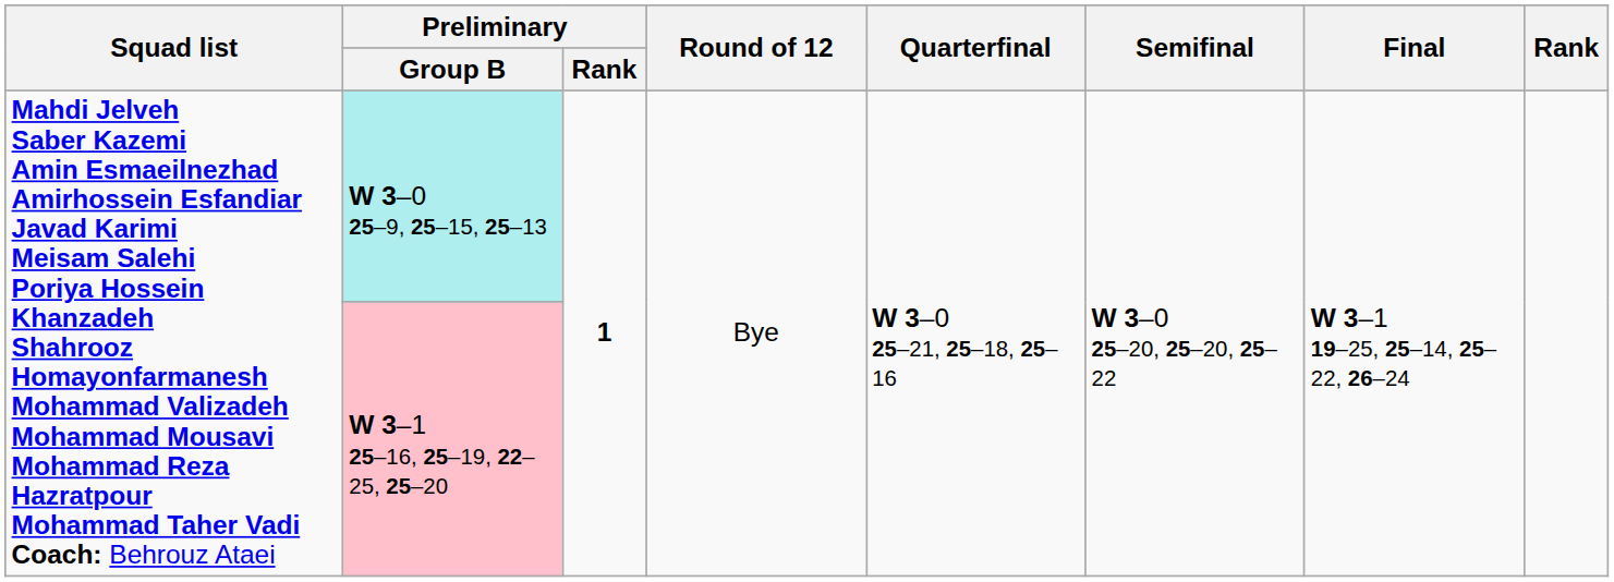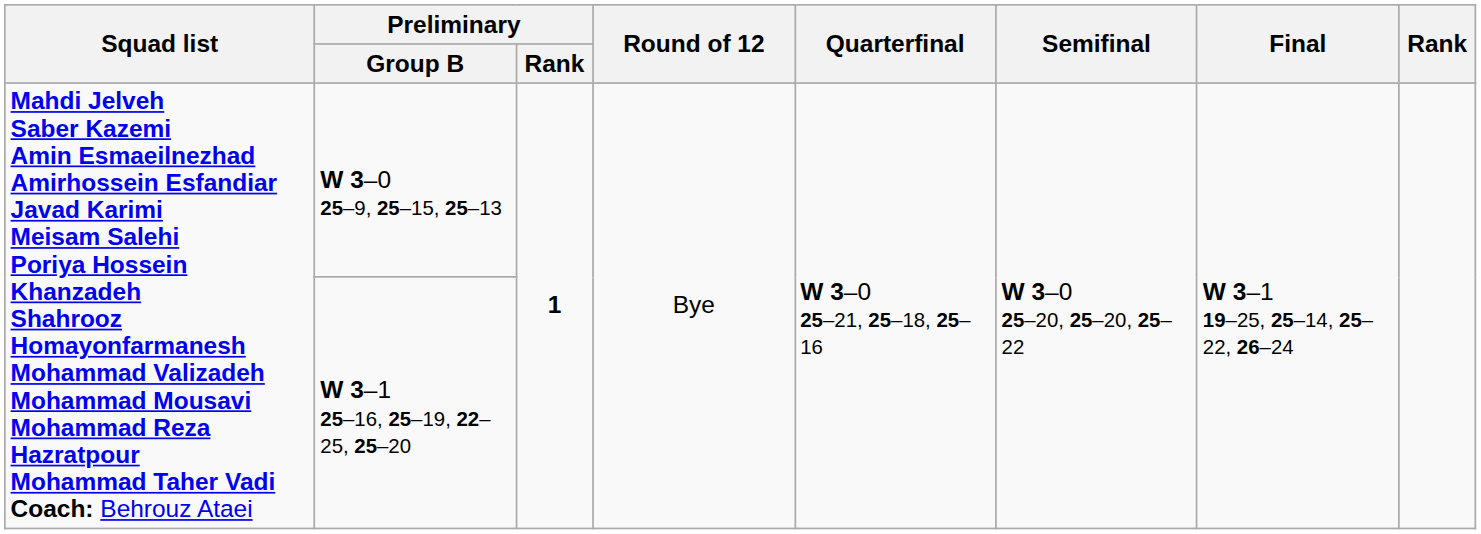 <table class="wikitable" width="98%" style="text-align:left; font-size:90%">
 <tr>
 <th rowspan="2" width="20%">Squad list</th>
 <th colspan="2">Preliminary</th>
 <th rowspan="2" width="13%">Round of 12</th>
 <th rowspan="2" width="13%">Quarterfinal</th>
 <th rowspan="2" width="13%">Semifinal</th>
 <th rowspan="2" width="13%">Final</th>
 <th rowspan="2" width="5%">Rank</th>
 </tr>
 <tr>
 <th width="13%">Group B</th>
 <th width="5%">Rank</th>
 </tr>
 <tr>
 <td rowspan=2><strong><a href='#'>Mahdi Jelveh</a><br><a href='#'>Saber Kazemi</a><br><a href='#'>Amin Esmaeilnezhad</a><br><a href='#'>Amirhossein Esfandiar</a><br><a href='#'>Javad Karimi</a><br><a href='#'>Meisam Salehi</a><br><a href='#'>Poriya Hossein Khanzadeh</a><br><a href='#'>Shahrooz Homayonfarmanesh</a><br><a href='#'>Mohammad Valizadeh</a><br><a href='#'>Mohammad Mousavi</a><br><a href='#'>Mohammad Reza Hazratpour</a><br><a href='#'>Mohammad Taher Vadi</a><br>Coach:</strong>  <a href='#'>Behrouz Ataei</a></td>
-<td style="background: paleturquoise;"><br><strong>W</strong> <strong>3</strong>–0<br><small><strong>25</strong>–9, <strong>25</strong>–15, <strong>25</strong>–13</small></td>
+<td><br><strong>W</strong> <strong>3</strong>–0<br><small><strong>25</strong>–9, <strong>25</strong>–15, <strong>25</strong>–13</small></td>
 <td rowspan=2 align=center><strong>1</strong>  <strong></strong></td>
 <td rowspan=2 align=center>Bye</td>
 <td rowspan=2><br><strong>W</strong> <strong>3</strong>–0<br><small><strong>25</strong>–21, <strong>25</strong>–18, <strong>25</strong>–16</small></td>
 <td rowspan=2><br><strong>W</strong> <strong>3</strong>–0<br><small><strong>25</strong>–20, <strong>25</strong>–20, <strong>25</strong>–22</small></td>
 <td rowspan=2><br><strong>W</strong> <strong>3</strong>–1<br><small><strong>19</strong>–25, <strong>25</strong>–14, <strong>25</strong>–22, <strong>26</strong>–24</small></td>
 <td rowspan=2 align="center"></td>
 </tr>
 <tr>
-<td style="background: pink;"><br><strong>W</strong> <strong>3</strong>–1<br><small><strong>25</strong>–16, <strong>25</strong>–19, <strong>22</strong>–25, <strong>25</strong>–20</small></td>
+<td><br><strong>W</strong> <strong>3</strong>–1<br><small><strong>25</strong>–16, <strong>25</strong>–19, <strong>22</strong>–25, <strong>25</strong>–20</small></td>
 </tr>
 </table>
